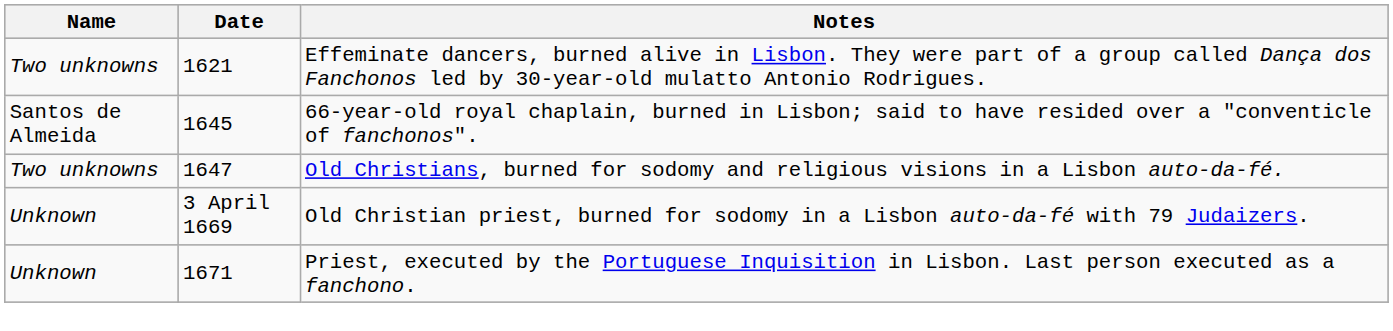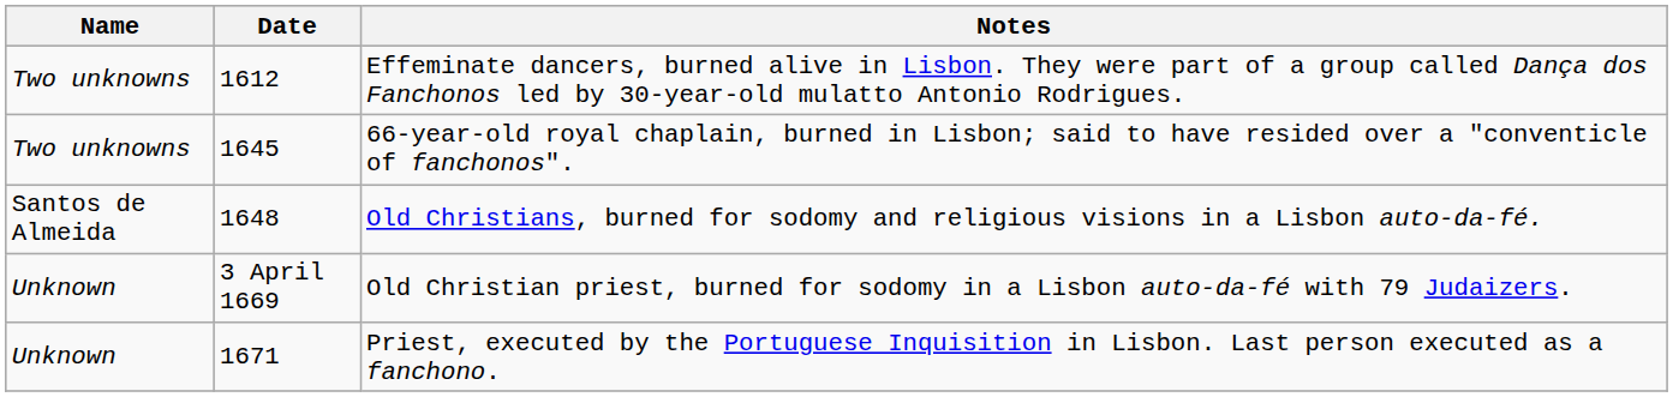 <table class="wikitable">
 <tr>
 <th>Name</th>
 <th>Date</th>
 <th>Notes</th>
 </tr>
 <tr>
 <td><em>Two unknowns</em></td>
-<td>1621</td>
+<td>1612</td>
 <td>Effeminate dancers, burned alive in <a href='#'>Lisbon</a>. They were part of a group called <em>Dança dos Fanchonos</em> led by 30-year-old mulatto Antonio Rodrigues.</td>
 </tr>
 <tr>
-<td>Santos de Almeida</td>
+<td><em>Two unknowns</em></td>
 <td>1645</td>
 <td>66-year-old royal chaplain, burned in Lisbon; said to have resided over a "conventicle of <em>fanchonos</em>".</td>
 </tr>
 <tr>
-<td><em>Two unknowns</em></td>
-<td>1647</td>
+<td>Santos de Almeida</td>
+<td>1648</td>
 <td><a href='#'>Old Christians</a>, burned for sodomy and religious visions in a Lisbon <em>auto-da-fé.</em></td>
 </tr>
 <tr>
 <td><em>Unknown</em></td>
 <td>3 April 1669</td>
 <td>Old Christian priest, burned for sodomy in a Lisbon <em>auto-da-fé</em> with 79 <a href='#'>Judaizers</a>.</td>
 </tr>
 <tr>
 <td><em>Unknown</em></td>
 <td>1671</td>
 <td>Priest, executed by the <a href='#'>Portuguese Inquisition</a> in Lisbon. Last person executed as a <em>fanchono</em>.</td>
 </tr>
 </table>
